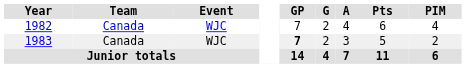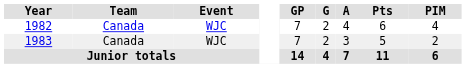 <table border="0" cellpadding="1" cellspacing="0" style="text-align:center; width:40em">
 <tr ALIGN="center" bgcolor="#e0e0e0">
 <th>Year</th>
 <th>Team</th>
 <th>Event</th>
 <th rowspan="99" bgcolor="#ffffff"> </th>
 <th>GP</th>
 <th>G</th>
 <th>A</th>
 <th>Pts</th>
 <th>PIM</th>
 </tr>
 <tr>
 <td><a href='#'>1982</a></td>
 <td><a href='#'>Canada</a></td>
 <td><a href='#'>WJC</a></td>
 <td>7</td>
 <td>2</td>
 <td>4</td>
 <td>6</td>
 <td>4</td>
 </tr>
 <tr bgcolor="#f0f0f0">
 <td><a href='#'>1983</a></td>
 <td>Canada</td>
 <td>WJC</td>
-<td><strong>7</strong></td>
+<td>7</td>
 <td>2</td>
 <td>3</td>
 <td>5</td>
 <td>2</td>
 </tr>
 <tr bgcolor="#e0e0e0">
 <th colspan="3">Junior totals</th>
 <th>14</th>
 <th>4</th>
 <th>7</th>
 <th>11</th>
 <th>6</th>
 </tr>
 </table>
